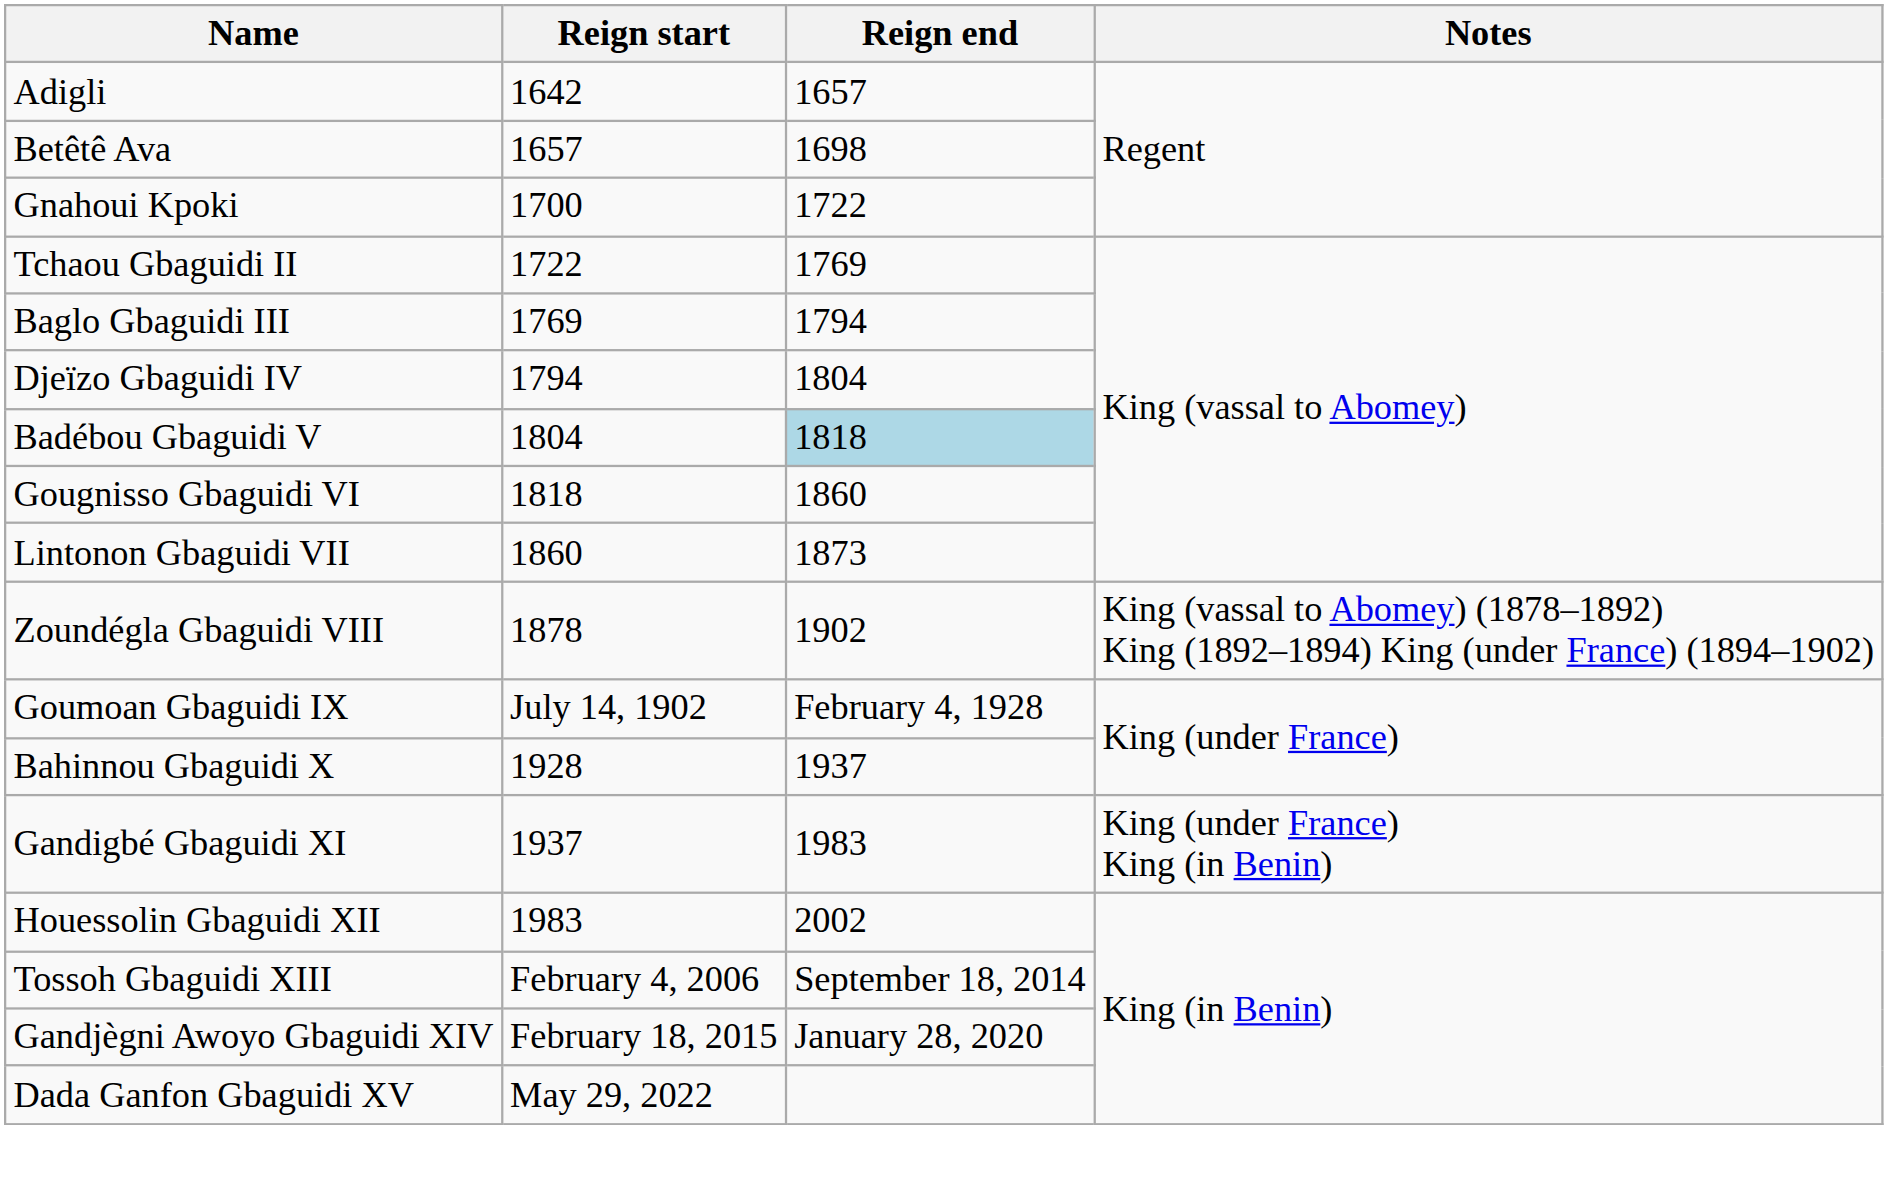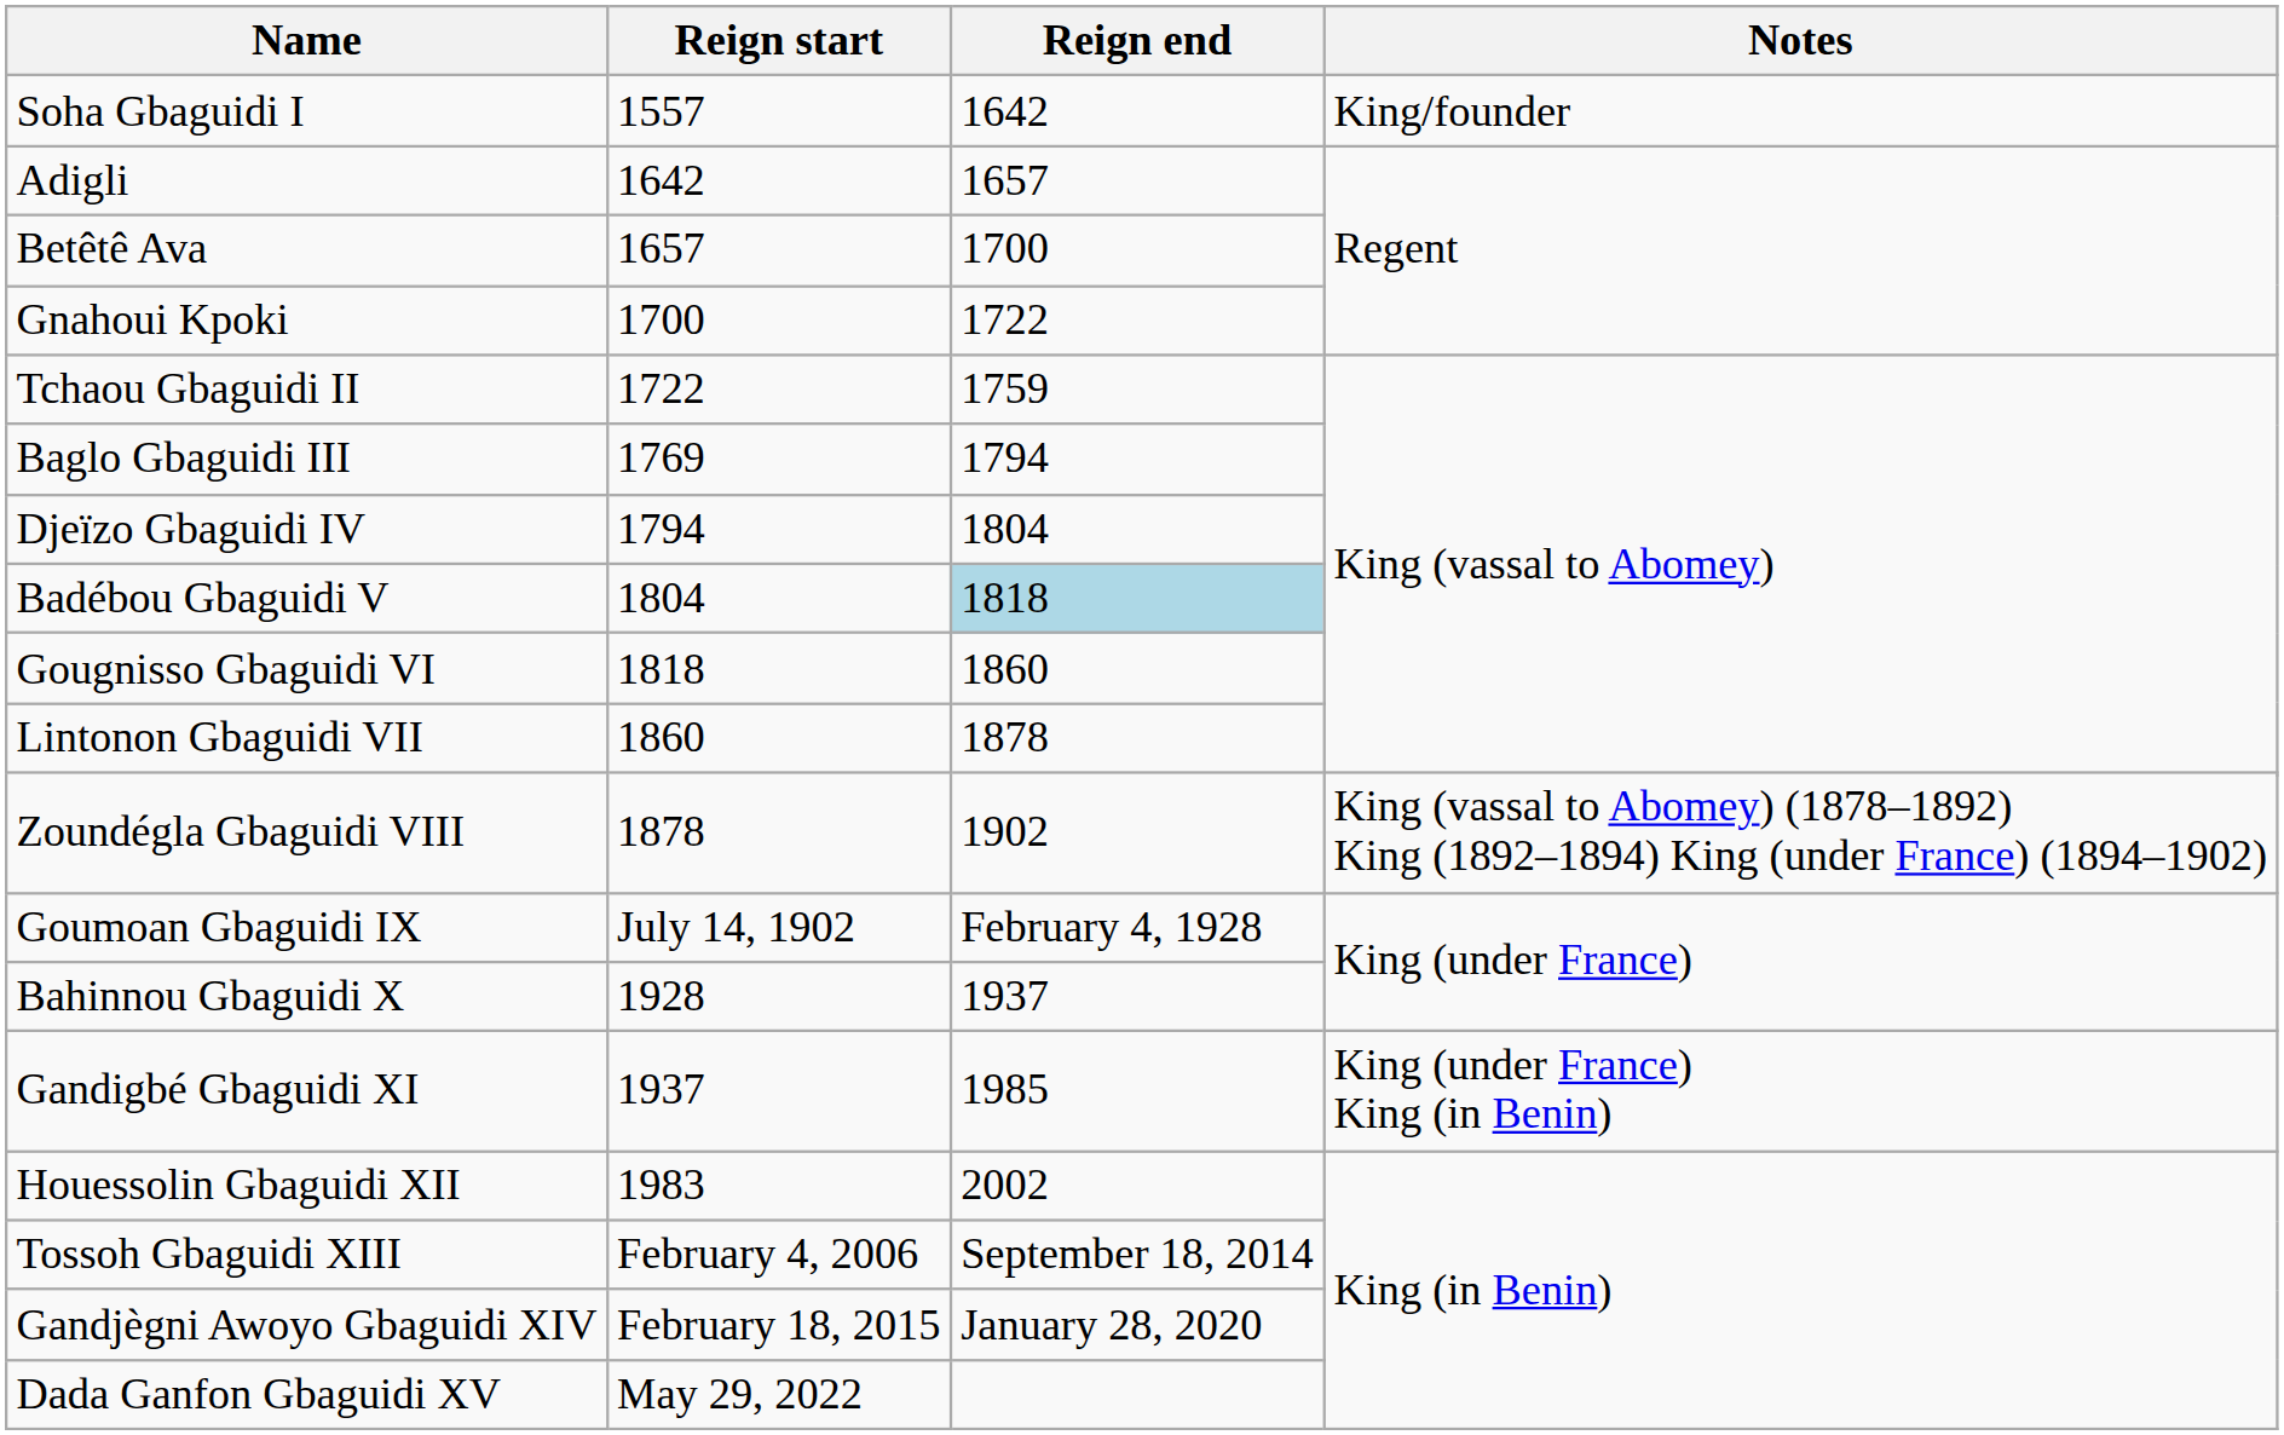 <table class="wikitable">
 <tr>
 <th>Name</th>
 <th>Reign start</th>
 <th>Reign end</th>
 <th>Notes</th>
+</tr>
+<tr>
+<td>Soha Gbaguidi I</td>
+<td>1557</td>
+<td>1642</td>
+<td>King/founder</td>
 </tr>
 <tr>
 <td>Adigli</td>
 <td>1642</td>
 <td>1657</td>
 <td rowspan="3">Regent</td>
 </tr>
 <tr>
 <td>Betêtê Ava</td>
 <td>1657</td>
-<td>1698</td>
+<td>1700</td>
 </tr>
 <tr>
 <td>Gnahoui Kpoki</td>
 <td>1700</td>
 <td>1722</td>
 </tr>
 <tr>
 <td>Tchaou Gbaguidi II</td>
 <td>1722</td>
-<td>1769</td>
+<td>1759</td>
 <td rowspan="7">King (vassal to <a href='#'>Abomey</a>)</td>
 </tr>
 <tr>
 <td>Baglo Gbaguidi III</td>
 <td>1769</td>
 <td>1794</td>
 </tr>
 <tr>
 <td>Djeïzo Gbaguidi IV</td>
 <td>1794</td>
 <td>1804</td>
 </tr>
 <tr>
 <td>Badébou Gbaguidi V</td>
 <td>1804</td>
 <td style="background: lightblue;">1818</td>
 </tr>
 <tr>
 <td>Gougnisso Gbaguidi VI</td>
 <td>1818</td>
 <td>1860</td>
 </tr>
 <tr>
 <td>Lintonon Gbaguidi VII</td>
 <td>1860</td>
-<td>1873</td>
+<td>1878</td>
 </tr>
 <tr>
 <td rowspan="2">Zoundégla Gbaguidi VIII</td>
 <td rowspan="2">1878</td>
 <td rowspan="2">1902</td>
 </tr>
 <tr>
 <td>King (vassal to <a href='#'>Abomey</a>) (1878–1892)<br>King (1892–1894) King (under <a href='#'>France</a>) (1894–1902)</td>
 </tr>
 <tr>
 <td>Goumoan Gbaguidi IX</td>
 <td>July 14, 1902</td>
 <td>February 4, 1928</td>
 <td rowspan="2">King (under <a href='#'>France</a>)</td>
 </tr>
 <tr>
 <td>Bahinnou Gbaguidi X</td>
 <td>1928</td>
 <td>1937</td>
 </tr>
 <tr>
 <td>Gandigbé Gbaguidi XI</td>
 <td>1937</td>
-<td>1983</td>
+<td>1985</td>
 <td>King (under <a href='#'>France</a>)<br>King (in <a href='#'>Benin</a>)</td>
 </tr>
 <tr>
 <td>Houessolin Gbaguidi XII</td>
 <td>1983</td>
 <td>2002</td>
 <td rowspan="4">King (in <a href='#'>Benin</a>)</td>
 </tr>
 <tr>
 <td>Tossoh Gbaguidi XIII</td>
 <td>February 4, 2006</td>
 <td>September 18, 2014</td>
 </tr>
 <tr>
 <td>Gandjègni Awoyo Gbaguidi XIV</td>
 <td>February 18, 2015</td>
 <td>January 28, 2020</td>
 </tr>
 <tr>
 <td>Dada Ganfon Gbaguidi XV</td>
 <td>May 29, 2022</td>
 <td></td>
 </tr>
 </table>
